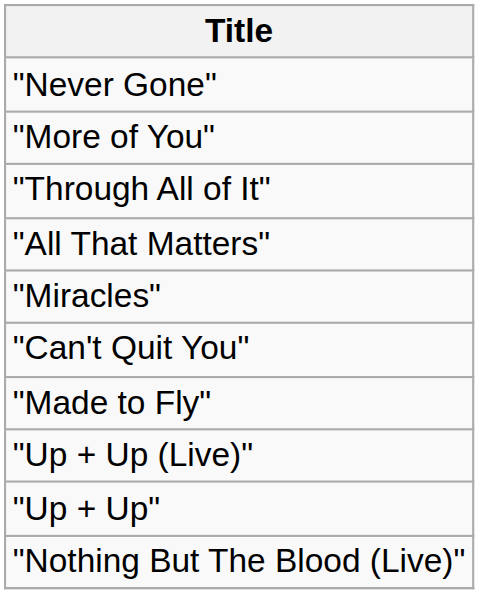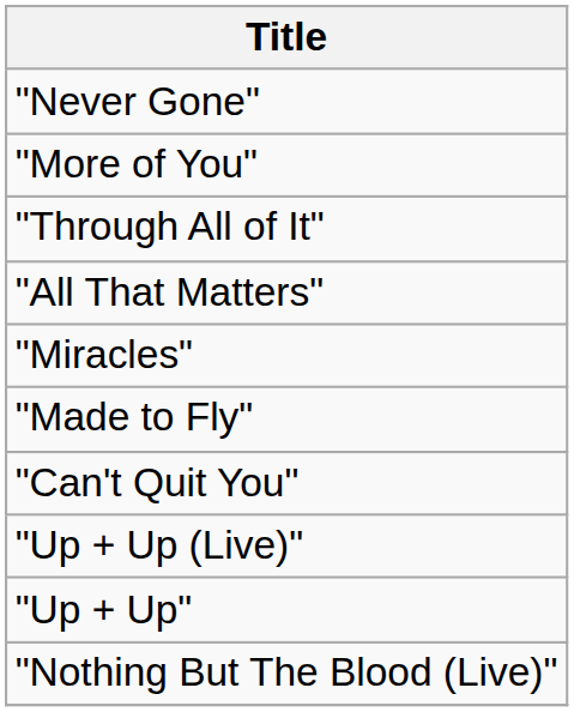 <table class=wikitable>
 <tr>
 <th>Title</th>
 </tr>
 <tr>
 <td>"Never Gone"</td>
 </tr>
 <tr>
 <td>"More of You"</td>
 </tr>
 <tr>
 <td>"Through All of It"</td>
 </tr>
 <tr>
 <td>"All That Matters"</td>
 </tr>
 <tr>
 <td>"Miracles"</td>
 </tr>
 <tr>
-<td>"Can't Quit You"</td>
+<td>"Made to Fly"</td>
 </tr>
 <tr>
-<td>"Made to Fly"</td>
+<td>"Can't Quit You"</td>
 </tr>
 <tr>
 <td>"Up + Up (Live)"</td>
 </tr>
 <tr>
 <td>"Up + Up"</td>
 </tr>
 <tr>
 <td>"Nothing But The Blood (Live)"</td>
 </tr>
 <tr>
 </tr>
 </table>
